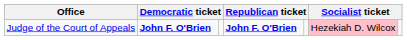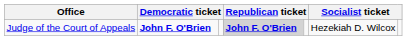 <table class=wikitable>
 <tr bgcolor=lightgrey>
 <th>Office</th>
 <th colspan="2" ><a href='#'>Democratic</a> ticket</th>
 <th colspan="2" ><a href='#'>Republican</a> ticket</th>
 <th colspan="2" ><a href='#'>Socialist</a> ticket</th>
 </tr>
 <tr>
 <td><a href='#'>Judge of the Court of Appeals</a></td>
 <td><strong><a href='#'>John F. O'Brien</a></strong></td>
 <td align="right"></td>
-<td><strong><a href='#'>John F. O'Brien</a></strong></td>
+<td style="background: lightgrey;"><strong><a href='#'>John F. O'Brien</a></strong></td>
 <td align="right"></td>
-<td style="background: pink;">Hezekiah D. Wilcox</td>
+<td>Hezekiah D. Wilcox</td>
 <td align="right"></td>
 </tr>
 </table>
